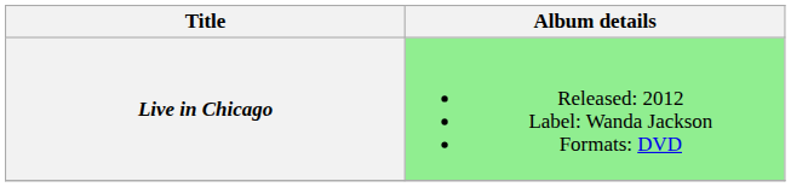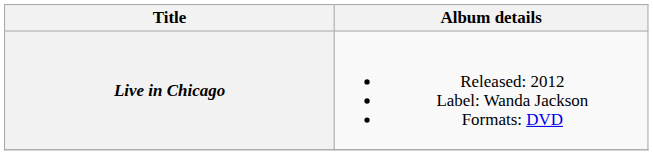 <table class="wikitable plainrowheaders" style="text-align:center;">
 <tr>
 <th scope="col" style="width:19em;">Title</th>
 <th scope="col" style="width:18em;">Album details</th>
 </tr>
 <tr>
 <th scope="row"><em>Live in Chicago</em></th>
-<td style="background: lightgreen;"><br><ul><li>Released: 2012</li><li>Label: Wanda Jackson</li><li>Formats: <a href='#'>DVD</a></li></ul></td>
+<td><br><ul><li>Released: 2012</li><li>Label: Wanda Jackson</li><li>Formats: <a href='#'>DVD</a></li></ul></td>
 </tr>
 <tr>
 </tr>
 </table>
